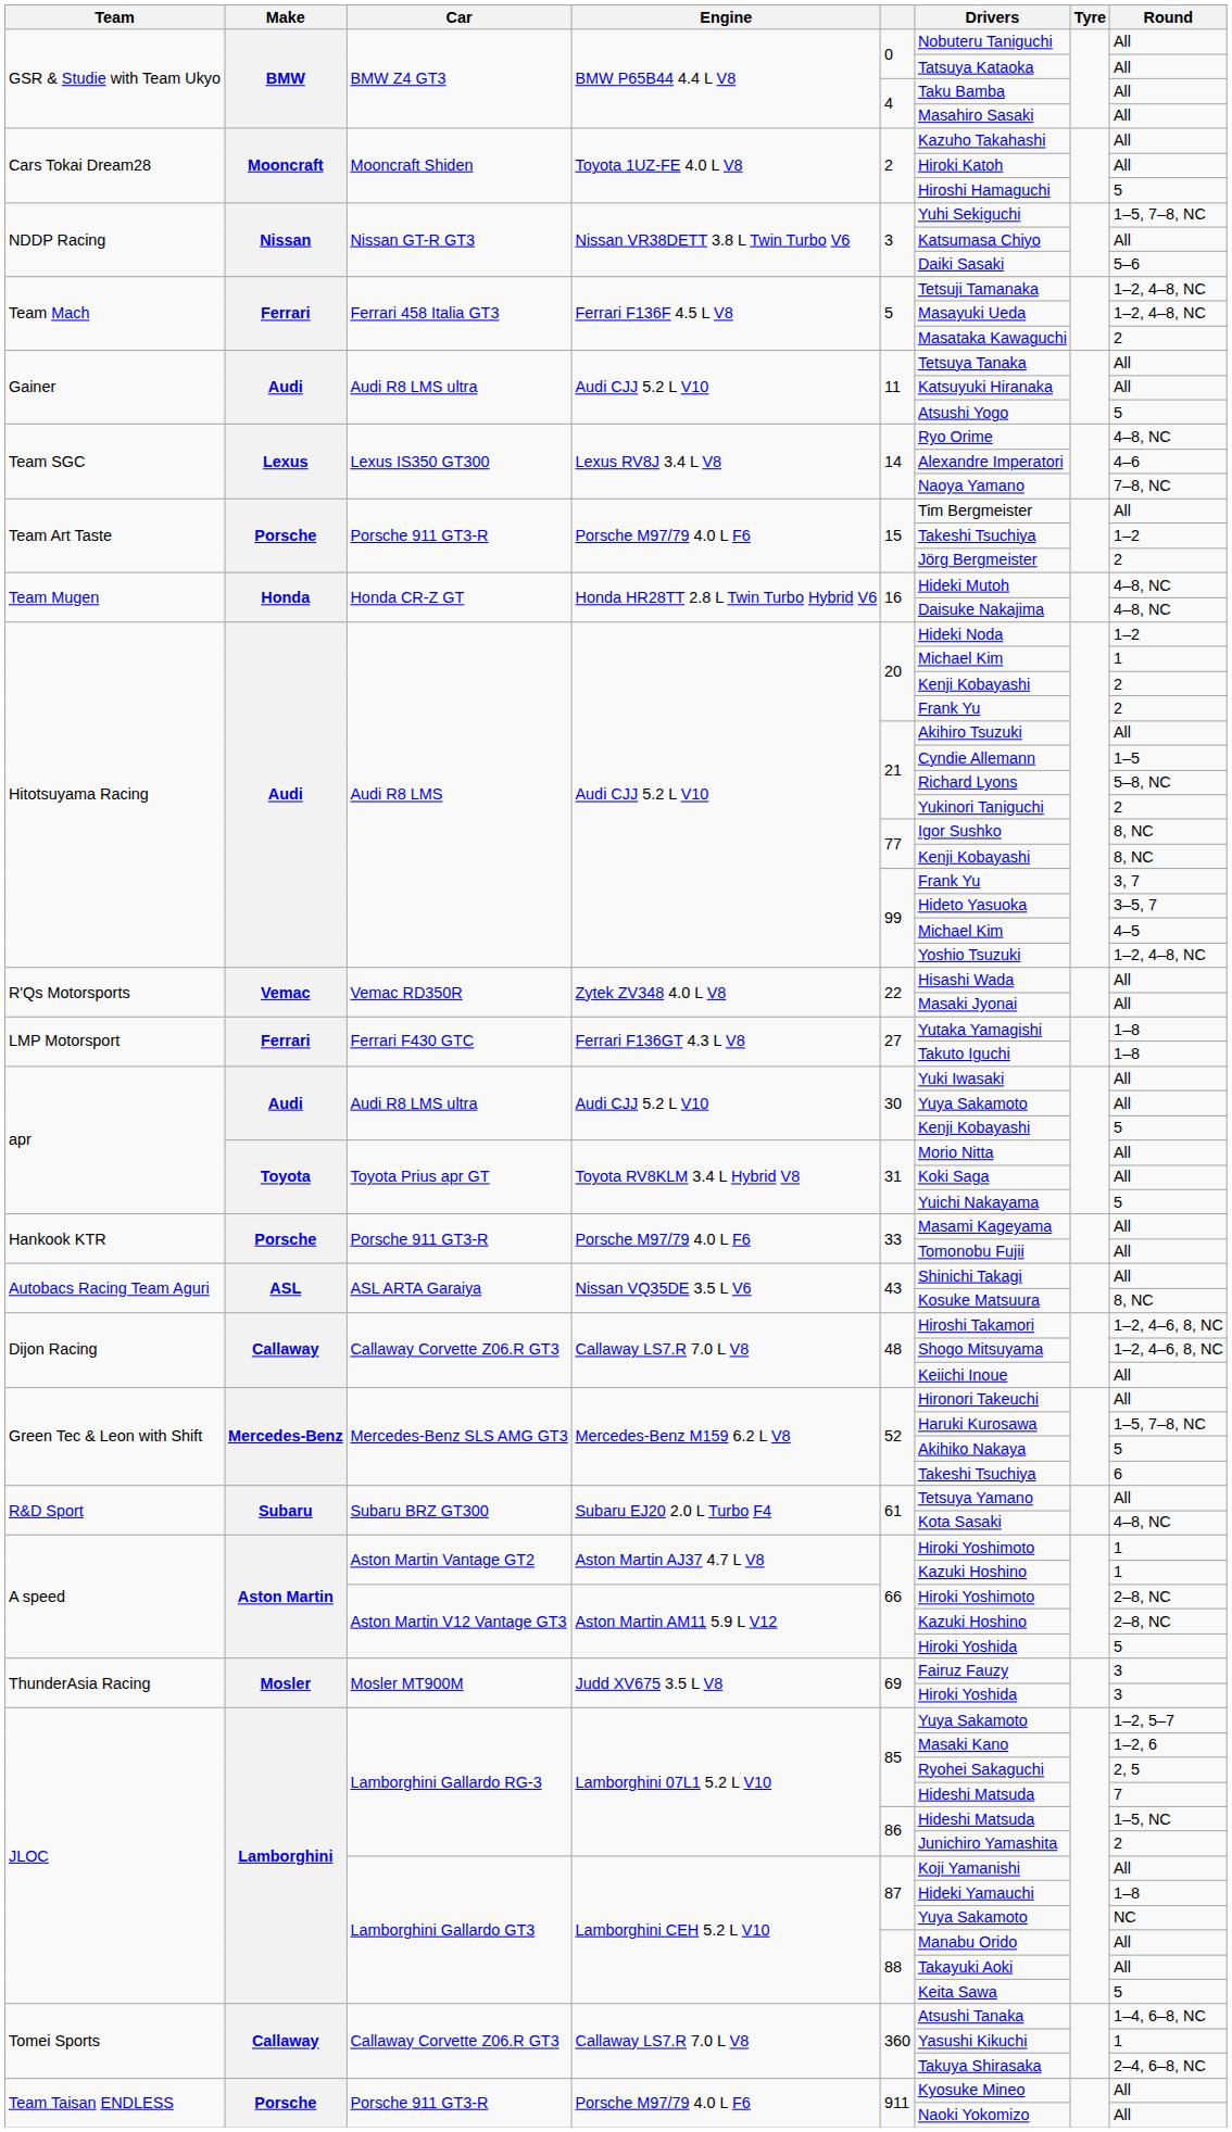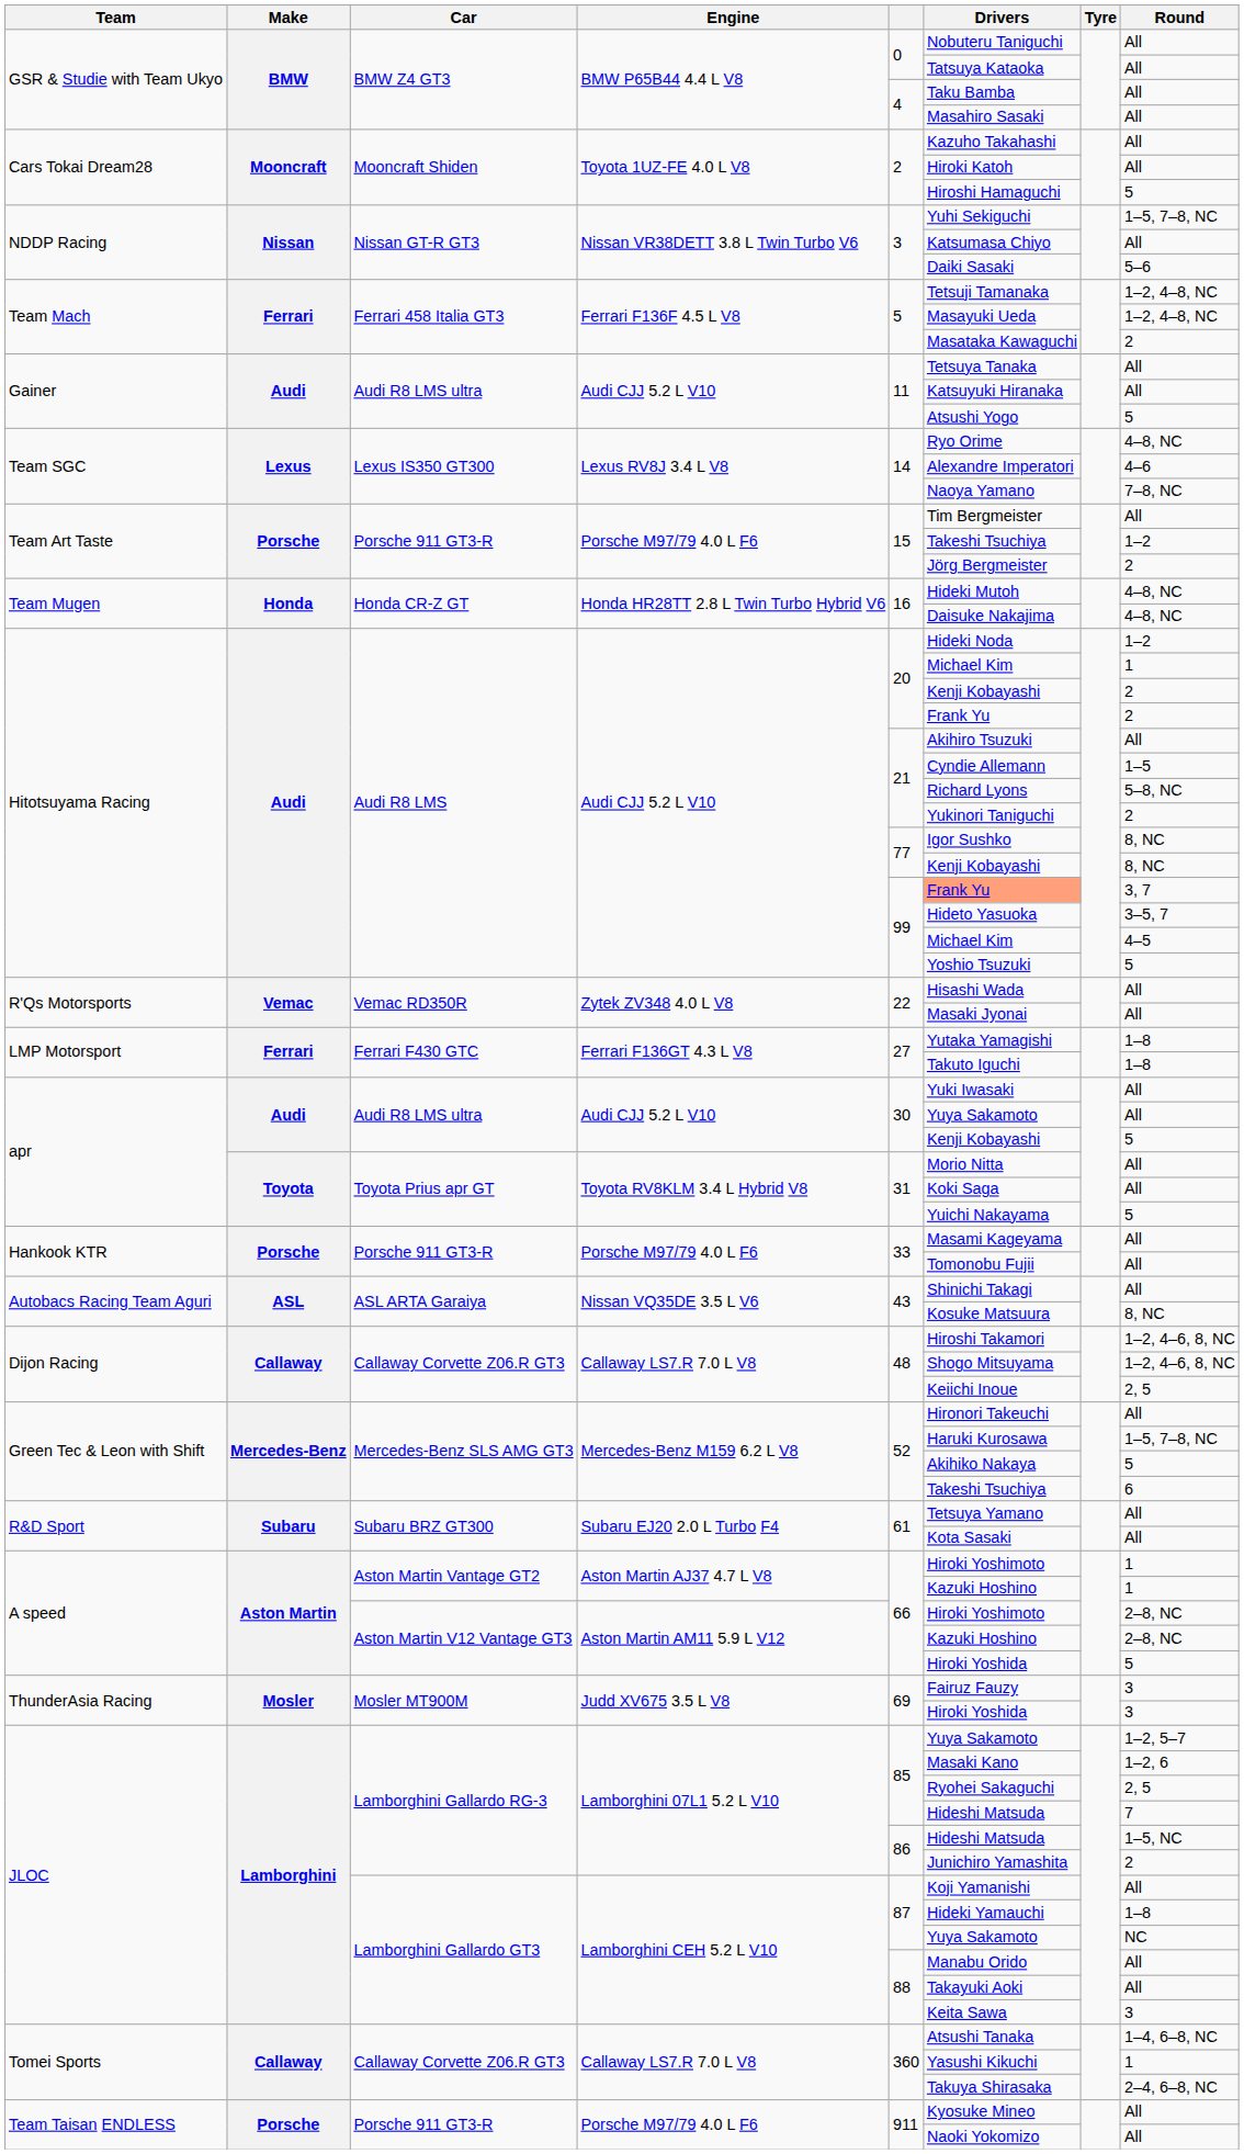 <table class="wikitable" style="font-size: 85%;">
 <tr>
 <th>Team</th>
 <th>Make</th>
 <th>Car</th>
 <th>Engine</th>
 <th></th>
 <th>Drivers</th>
 <th>Tyre</th>
 <th>Round</th>
 </tr>
 <tr>
 <td rowspan=4> GSR & <a href='#'>Studie</a> with Team Ukyo</td>
 <th rowspan=4><a href='#'>BMW</a></th>
 <td rowspan=4><a href='#'>BMW Z4 GT3</a></td>
 <td rowspan=4><a href='#'>BMW P65B44</a> 4.4 L <a href='#'>V8</a></td>
 <td rowspan=2>0</td>
 <td> <a href='#'>Nobuteru Taniguchi</a></td>
 <td align=center rowspan=4></td>
 <td>All</td>
 </tr>
 <tr>
 <td> <a href='#'>Tatsuya Kataoka</a></td>
 <td>All</td>
 </tr>
 <tr>
 <td rowspan=2>4</td>
 <td> <a href='#'>Taku Bamba</a></td>
 <td>All</td>
 </tr>
 <tr>
 <td> <a href='#'>Masahiro Sasaki</a></td>
 <td>All</td>
 </tr>
 <tr>
 <td rowspan=3> Cars Tokai Dream28</td>
 <th rowspan=3><a href='#'>Mooncraft</a></th>
 <td rowspan=3><a href='#'>Mooncraft Shiden</a></td>
 <td rowspan=3><a href='#'>Toyota 1UZ-FE</a> 4.0 L <a href='#'>V8</a></td>
 <td rowspan=3>2</td>
 <td> <a href='#'>Kazuho Takahashi</a></td>
 <td align=center rowspan=3></td>
 <td>All</td>
 </tr>
 <tr>
 <td> <a href='#'>Hiroki Katoh</a></td>
 <td>All</td>
 </tr>
 <tr>
 <td> <a href='#'>Hiroshi Hamaguchi</a></td>
 <td>5</td>
 </tr>
 <tr>
 <td rowspan=3> NDDP Racing</td>
 <th rowspan=3><a href='#'>Nissan</a></th>
 <td rowspan=3><a href='#'>Nissan GT-R GT3</a></td>
 <td rowspan=3><a href='#'>Nissan VR38DETT</a> 3.8 L <a href='#'>Twin Turbo</a> <a href='#'>V6</a></td>
 <td rowspan=3>3</td>
 <td> <a href='#'>Yuhi Sekiguchi</a></td>
 <td align=center rowspan=3></td>
 <td>1–5, 7–8, NC</td>
 </tr>
 <tr>
 <td> <a href='#'>Katsumasa Chiyo</a></td>
 <td>All</td>
 </tr>
 <tr>
 <td> <a href='#'>Daiki Sasaki</a></td>
 <td>5–6</td>
 </tr>
 <tr>
 <td rowspan=3> Team <a href='#'>Mach</a></td>
 <th rowspan=3><a href='#'>Ferrari</a></th>
 <td rowspan=3><a href='#'>Ferrari 458 Italia GT3</a></td>
 <td rowspan=3><a href='#'>Ferrari F136F</a> 4.5 L <a href='#'>V8</a></td>
 <td rowspan=3>5</td>
 <td> <a href='#'>Tetsuji Tamanaka</a></td>
 <td align=center rowspan=3></td>
 <td>1–2, 4–8, NC</td>
 </tr>
 <tr>
 <td> <a href='#'>Masayuki Ueda</a></td>
 <td>1–2, 4–8, NC</td>
 </tr>
 <tr>
 <td> <a href='#'>Masataka Kawaguchi</a></td>
 <td>2</td>
 </tr>
 <tr>
 <td rowspan=3> Gainer</td>
 <th rowspan=3><a href='#'>Audi</a></th>
 <td rowspan=3><a href='#'>Audi R8 LMS ultra</a></td>
 <td rowspan=3><a href='#'>Audi CJJ</a> 5.2 L <a href='#'>V10</a></td>
 <td rowspan=3>11</td>
 <td> <a href='#'>Tetsuya Tanaka</a></td>
 <td align=center rowspan=3></td>
 <td>All</td>
 </tr>
 <tr>
 <td> <a href='#'>Katsuyuki Hiranaka</a></td>
 <td>All</td>
 </tr>
 <tr>
 <td> <a href='#'>Atsushi Yogo</a></td>
 <td>5</td>
 </tr>
 <tr>
 <td rowspan=3> Team SGC</td>
 <th rowspan=3><a href='#'>Lexus</a></th>
 <td rowspan=3><a href='#'>Lexus IS350 GT300</a></td>
 <td rowspan=3><a href='#'>Lexus RV8J</a> 3.4 L <a href='#'>V8</a></td>
 <td rowspan=3>14</td>
 <td> <a href='#'>Ryo Orime</a></td>
 <td align=center rowspan=3></td>
 <td>4–8, NC</td>
 </tr>
 <tr>
 <td> <a href='#'>Alexandre Imperatori</a></td>
 <td>4–6</td>
 </tr>
 <tr>
 <td> <a href='#'>Naoya Yamano</a></td>
 <td>7–8, NC</td>
 </tr>
 <tr>
 <td rowspan=3> Team Art Taste</td>
 <th rowspan=3><a href='#'>Porsche</a></th>
 <td rowspan=3><a href='#'>Porsche 911 GT3-R</a></td>
 <td rowspan=3><a href='#'>Porsche M97/79</a> 4.0 L <a href='#'>F6</a></td>
 <td rowspan=3>15</td>
 <td> Tim Bergmeister</td>
 <td align=center rowspan=3></td>
 <td>All</td>
 </tr>
 <tr>
 <td> <a href='#'>Takeshi Tsuchiya</a></td>
 <td>1–2</td>
 </tr>
 <tr>
 <td> <a href='#'>Jörg Bergmeister</a></td>
 <td>2</td>
 </tr>
 <tr>
 <td rowspan=2> <a href='#'>Team Mugen</a></td>
 <th rowspan=2><a href='#'>Honda</a></th>
 <td rowspan=2><a href='#'>Honda CR-Z GT</a></td>
 <td rowspan=2><a href='#'>Honda HR28TT</a> 2.8 L <a href='#'>Twin Turbo</a> <a href='#'>Hybrid</a> <a href='#'>V6</a></td>
 <td rowspan=2>16</td>
 <td> <a href='#'>Hideki Mutoh</a></td>
 <td align=center rowspan=2></td>
 <td>4–8, NC</td>
 </tr>
 <tr>
 <td> <a href='#'>Daisuke Nakajima</a></td>
 <td>4–8, NC</td>
 </tr>
 <tr>
 <td rowspan=14> Hitotsuyama Racing</td>
 <th rowspan=14><a href='#'>Audi</a></th>
 <td rowspan=14><a href='#'>Audi R8 LMS</a></td>
 <td rowspan=14><a href='#'>Audi CJJ</a> 5.2 L <a href='#'>V10</a></td>
 <td rowspan=4>20</td>
 <td> <a href='#'>Hideki Noda</a></td>
 <td align=center rowspan=14></td>
 <td>1–2</td>
 </tr>
 <tr>
 <td> <a href='#'>Michael Kim</a></td>
 <td>1</td>
 </tr>
 <tr>
 <td> <a href='#'>Kenji Kobayashi</a></td>
 <td>2</td>
 </tr>
 <tr>
 <td> <a href='#'>Frank Yu</a></td>
 <td>2</td>
 </tr>
 <tr>
 <td rowspan=4>21</td>
 <td> <a href='#'>Akihiro Tsuzuki</a></td>
 <td>All</td>
 </tr>
 <tr>
 <td> <a href='#'>Cyndie Allemann</a></td>
 <td>1–5</td>
 </tr>
 <tr>
 <td> <a href='#'>Richard Lyons</a></td>
 <td>5–8, NC</td>
 </tr>
 <tr>
 <td> <a href='#'>Yukinori Taniguchi</a></td>
 <td>2</td>
 </tr>
 <tr>
 <td rowspan=2>77</td>
 <td> <a href='#'>Igor Sushko</a></td>
 <td>8, NC</td>
 </tr>
 <tr>
 <td> <a href='#'>Kenji Kobayashi</a></td>
 <td>8, NC</td>
 </tr>
 <tr>
 <td rowspan=4>99</td>
-<td> <a href='#'>Frank Yu</a></td>
+<td style="background: lightsalmon;"> <a href='#'>Frank Yu</a></td>
 <td>3, 7</td>
 </tr>
 <tr>
 <td> <a href='#'>Hideto Yasuoka</a></td>
 <td>3–5, 7</td>
 </tr>
 <tr>
 <td> <a href='#'>Michael Kim</a></td>
 <td>4–5</td>
 </tr>
 <tr>
 <td> <a href='#'>Yoshio Tsuzuki</a></td>
-<td>1–2, 4–8, NC</td>
+<td>5</td>
 </tr>
 <tr>
 <td rowspan=2> R'Qs Motorsports</td>
 <th rowspan=2><a href='#'>Vemac</a></th>
 <td rowspan=2><a href='#'>Vemac RD350R</a></td>
 <td rowspan=2><a href='#'>Zytek ZV348</a> 4.0 L <a href='#'>V8</a></td>
 <td rowspan=2>22</td>
 <td> <a href='#'>Hisashi Wada</a></td>
 <td align=center rowspan=2></td>
 <td>All</td>
 </tr>
 <tr>
 <td> <a href='#'>Masaki Jyonai</a></td>
 <td>All</td>
 </tr>
 <tr>
 <td rowspan=2> LMP Motorsport</td>
 <th rowspan=2><a href='#'>Ferrari</a></th>
 <td rowspan=2><a href='#'>Ferrari F430 GTC</a></td>
 <td rowspan=2><a href='#'>Ferrari F136GT</a> 4.3 L <a href='#'>V8</a></td>
 <td rowspan=2>27</td>
 <td> <a href='#'>Yutaka Yamagishi</a></td>
 <td align=center rowspan=2></td>
 <td>1–8</td>
 </tr>
 <tr>
 <td> <a href='#'>Takuto Iguchi</a></td>
 <td>1–8</td>
 </tr>
 <tr>
 <td rowspan=6> apr</td>
 <th rowspan=3><a href='#'>Audi</a></th>
 <td rowspan=3><a href='#'>Audi R8 LMS ultra</a></td>
 <td rowspan=3><a href='#'>Audi CJJ</a> 5.2 L <a href='#'>V10</a></td>
 <td rowspan=3>30</td>
 <td> <a href='#'>Yuki Iwasaki</a></td>
 <td align=center rowspan=6></td>
 <td>All</td>
 </tr>
 <tr>
 <td> <a href='#'>Yuya Sakamoto</a></td>
 <td>All</td>
 </tr>
 <tr>
 <td> <a href='#'>Kenji Kobayashi</a></td>
 <td>5</td>
 </tr>
 <tr>
 <th rowspan=3><a href='#'>Toyota</a></th>
 <td rowspan=3><a href='#'>Toyota Prius apr GT</a></td>
 <td rowspan=3><a href='#'>Toyota RV8KLM</a> 3.4 L <a href='#'>Hybrid</a> <a href='#'>V8</a></td>
 <td rowspan=3>31</td>
 <td> <a href='#'>Morio Nitta</a></td>
 <td>All</td>
 </tr>
 <tr>
 <td> <a href='#'>Koki Saga</a></td>
 <td>All</td>
 </tr>
 <tr>
 <td> <a href='#'>Yuichi Nakayama</a></td>
 <td>5</td>
 </tr>
 <tr>
 <td rowspan=2> Hankook KTR</td>
 <th rowspan=2><a href='#'>Porsche</a></th>
 <td rowspan=2><a href='#'>Porsche 911 GT3-R</a></td>
 <td rowspan=2><a href='#'>Porsche M97/79</a> 4.0 L <a href='#'>F6</a></td>
 <td rowspan=2>33</td>
 <td> <a href='#'>Masami Kageyama</a></td>
 <td align=center rowspan=2></td>
 <td>All</td>
 </tr>
 <tr>
 <td> <a href='#'>Tomonobu Fujii</a></td>
 <td>All</td>
 </tr>
 <tr>
 <td rowspan=2> <a href='#'>Autobacs Racing Team Aguri</a></td>
 <th rowspan=2><a href='#'>ASL</a></th>
 <td rowspan=2><a href='#'>ASL ARTA Garaiya</a></td>
 <td rowspan=2><a href='#'>Nissan VQ35DE</a> 3.5 L <a href='#'>V6</a></td>
 <td rowspan=2>43</td>
 <td> <a href='#'>Shinichi Takagi</a></td>
 <td align=center rowspan=2></td>
 <td>All</td>
 </tr>
 <tr>
 <td> <a href='#'>Kosuke Matsuura</a></td>
 <td>8, NC</td>
 </tr>
 <tr>
 <td rowspan=3> Dijon Racing</td>
 <th rowspan=3><a href='#'>Callaway</a></th>
 <td rowspan=3><a href='#'>Callaway Corvette Z06.R GT3</a></td>
 <td rowspan=3><a href='#'>Callaway LS7.R</a> 7.0 L <a href='#'>V8</a></td>
 <td rowspan=3>48</td>
 <td> <a href='#'>Hiroshi Takamori</a></td>
 <td align=center rowspan=3></td>
 <td>1–2, 4–6, 8, NC</td>
 </tr>
 <tr>
 <td> <a href='#'>Shogo Mitsuyama</a></td>
 <td>1–2, 4–6, 8, NC</td>
 </tr>
 <tr>
 <td> <a href='#'>Keiichi Inoue</a></td>
-<td>All</td>
+<td>2, 5</td>
 </tr>
 <tr>
 <td rowspan=4> Green Tec & Leon with Shift</td>
 <th rowspan=4><a href='#'>Mercedes-Benz</a></th>
 <td rowspan=4><a href='#'>Mercedes-Benz SLS AMG GT3</a></td>
 <td rowspan=4><a href='#'>Mercedes-Benz M159</a> 6.2 L <a href='#'>V8</a></td>
 <td rowspan=4>52</td>
 <td> <a href='#'>Hironori Takeuchi</a></td>
 <td align=center rowspan=4></td>
 <td>All</td>
 </tr>
 <tr>
 <td> <a href='#'>Haruki Kurosawa</a></td>
 <td>1–5, 7–8, NC</td>
 </tr>
 <tr>
 <td> <a href='#'>Akihiko Nakaya</a></td>
 <td>5</td>
 </tr>
 <tr>
 <td> <a href='#'>Takeshi Tsuchiya</a></td>
 <td>6</td>
 </tr>
 <tr>
 <td rowspan=2> <a href='#'>R&D Sport</a></td>
 <th rowspan=2><a href='#'>Subaru</a></th>
 <td rowspan=2><a href='#'>Subaru BRZ GT300</a></td>
 <td rowspan=2><a href='#'>Subaru EJ20</a> 2.0 L <a href='#'>Turbo</a> <a href='#'>F4</a></td>
 <td rowspan=2>61</td>
 <td> <a href='#'>Tetsuya Yamano</a></td>
 <td align=center rowspan=2></td>
 <td>All</td>
 </tr>
 <tr>
 <td> <a href='#'>Kota Sasaki</a></td>
-<td>4–8, NC</td>
+<td>All</td>
 </tr>
 <tr>
 <td rowspan=5> A speed</td>
 <th rowspan=5><a href='#'>Aston Martin</a></th>
 <td rowspan=2><a href='#'>Aston Martin Vantage GT2</a></td>
 <td rowspan=2><a href='#'>Aston Martin AJ37</a> 4.7 L <a href='#'>V8</a></td>
 <td rowspan=5>66</td>
 <td> <a href='#'>Hiroki Yoshimoto</a></td>
 <td align=center rowspan=5></td>
 <td>1</td>
 </tr>
 <tr>
 <td> <a href='#'>Kazuki Hoshino</a></td>
 <td>1</td>
 </tr>
 <tr>
 <td rowspan=3><a href='#'>Aston Martin V12 Vantage GT3</a></td>
 <td rowspan=3><a href='#'>Aston Martin AM11</a> 5.9 L <a href='#'>V12</a></td>
 <td> <a href='#'>Hiroki Yoshimoto</a></td>
 <td>2–8, NC</td>
 </tr>
 <tr>
 <td> <a href='#'>Kazuki Hoshino</a></td>
 <td>2–8, NC</td>
 </tr>
 <tr>
 <td> <a href='#'>Hiroki Yoshida</a></td>
 <td>5</td>
 </tr>
 <tr>
 <td rowspan=2> ThunderAsia Racing</td>
 <th rowspan=2><a href='#'>Mosler</a></th>
 <td rowspan=2><a href='#'>Mosler MT900M</a></td>
 <td rowspan=2><a href='#'>Judd XV675</a> 3.5 L <a href='#'>V8</a></td>
 <td rowspan=2>69</td>
 <td> <a href='#'>Fairuz Fauzy</a></td>
 <td align=center rowspan=2></td>
 <td>3</td>
 </tr>
 <tr>
 <td> <a href='#'>Hiroki Yoshida</a></td>
 <td>3</td>
 </tr>
 <tr>
 <td rowspan=12> <a href='#'>JLOC</a></td>
 <th rowspan=12><a href='#'>Lamborghini</a></th>
 <td rowspan=6><a href='#'>Lamborghini Gallardo RG-3</a></td>
 <td rowspan=6><a href='#'>Lamborghini 07L1</a> 5.2 L <a href='#'>V10</a></td>
 <td rowspan=4>85</td>
 <td> <a href='#'>Yuya Sakamoto</a></td>
 <td align=center rowspan=12></td>
 <td>1–2, 5–7</td>
 </tr>
 <tr>
 <td> <a href='#'>Masaki Kano</a></td>
 <td>1–2, 6</td>
 </tr>
 <tr>
 <td> <a href='#'>Ryohei Sakaguchi</a></td>
 <td>2, 5</td>
 </tr>
 <tr>
 <td> <a href='#'>Hideshi Matsuda</a></td>
 <td>7</td>
 </tr>
 <tr>
 <td rowspan=2>86</td>
 <td> <a href='#'>Hideshi Matsuda</a></td>
 <td>1–5, NC</td>
 </tr>
 <tr>
 <td> <a href='#'>Junichiro Yamashita</a></td>
 <td>2</td>
 </tr>
 <tr>
 <td rowspan=6><a href='#'>Lamborghini Gallardo GT3</a></td>
 <td rowspan=6><a href='#'>Lamborghini CEH</a> 5.2 L <a href='#'>V10</a></td>
 <td rowspan=3>87</td>
 <td> <a href='#'>Koji Yamanishi</a></td>
 <td>All</td>
 </tr>
 <tr>
 <td> <a href='#'>Hideki Yamauchi</a></td>
 <td>1–8</td>
 </tr>
 <tr>
 <td> <a href='#'>Yuya Sakamoto</a></td>
 <td>NC</td>
 </tr>
 <tr>
 <td rowspan=3>88</td>
 <td> <a href='#'>Manabu Orido</a></td>
 <td>All</td>
 </tr>
 <tr>
 <td> <a href='#'>Takayuki Aoki</a></td>
 <td>All</td>
 </tr>
 <tr>
 <td> <a href='#'>Keita Sawa</a></td>
-<td>5</td>
+<td>3</td>
 </tr>
 <tr>
 <td rowspan=3> Tomei Sports</td>
 <th rowspan=3><a href='#'>Callaway</a></th>
 <td rowspan=3><a href='#'>Callaway Corvette Z06.R GT3</a></td>
 <td rowspan=3><a href='#'>Callaway LS7.R</a> 7.0 L <a href='#'>V8</a></td>
 <td rowspan=3>360</td>
 <td> <a href='#'>Atsushi Tanaka</a></td>
 <td align=center rowspan=3></td>
 <td>1–4, 6–8, NC</td>
 </tr>
 <tr>
 <td> <a href='#'>Yasushi Kikuchi</a></td>
 <td>1</td>
 </tr>
 <tr>
 <td> <a href='#'>Takuya Shirasaka</a></td>
 <td>2–4, 6–8, NC</td>
 </tr>
 <tr>
 <td rowspan=2> <a href='#'>Team Taisan</a> <a href='#'>ENDLESS</a></td>
 <th rowspan=2><a href='#'>Porsche</a></th>
 <td rowspan=2><a href='#'>Porsche 911 GT3-R</a></td>
 <td rowspan=2><a href='#'>Porsche M97/79</a> 4.0 L <a href='#'>F6</a></td>
 <td rowspan=2>911</td>
 <td> <a href='#'>Kyosuke Mineo</a></td>
 <td align=center rowspan=2></td>
 <td>All</td>
 </tr>
 <tr>
 <td> <a href='#'>Naoki Yokomizo</a></td>
 <td>All</td>
 </tr>
 </table>
